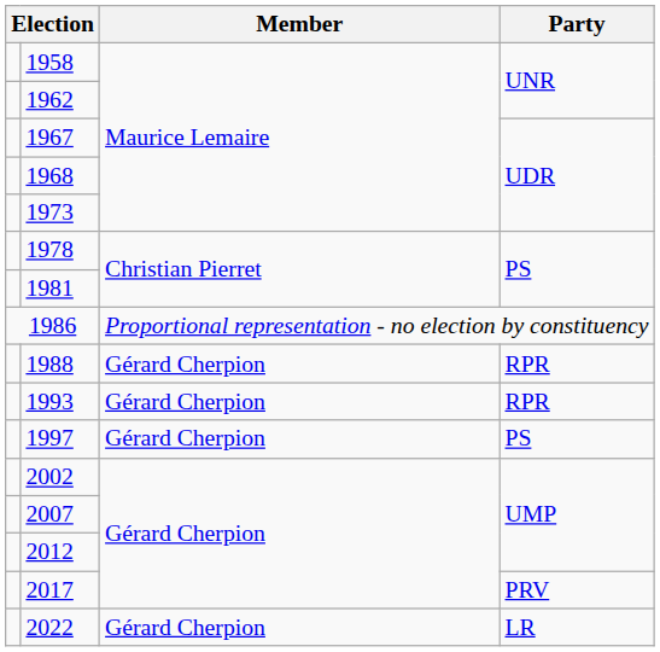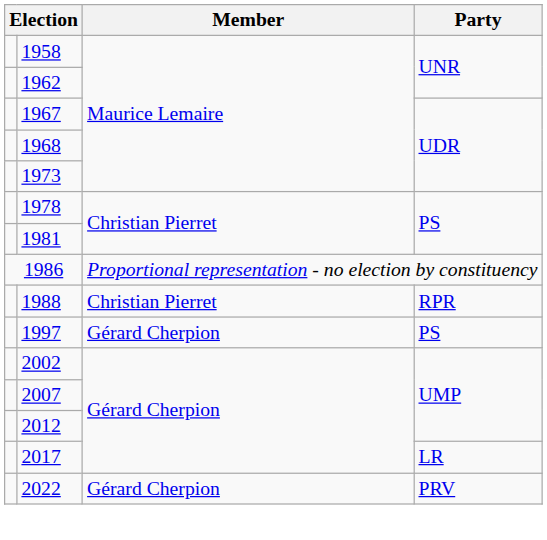 <table class="wikitable">
 <tr>
 <th colspan="2">Election</th>
 <th>Member</th>
 <th>Party</th>
 </tr>
 <tr>
 <td style="background-color: "></td>
 <td><a href='#'>1958</a></td>
 <td rowspan="5"><a href='#'>Maurice Lemaire</a></td>
 <td rowspan="2"><a href='#'>UNR</a></td>
 </tr>
 <tr>
 <td style="background-color: "></td>
 <td><a href='#'>1962</a></td>
 </tr>
 <tr>
 <td style="background-color: "></td>
 <td><a href='#'>1967</a></td>
 <td rowspan="3"><a href='#'>UDR</a></td>
 </tr>
 <tr>
 <td style="background-color: "></td>
 <td><a href='#'>1968</a></td>
 </tr>
 <tr>
 <td style="background-color: "></td>
 <td><a href='#'>1973</a></td>
 </tr>
 <tr>
 <td style="background-color: "></td>
 <td><a href='#'>1978</a></td>
 <td rowspan="2"><a href='#'>Christian Pierret</a></td>
 <td rowspan="2"><a href='#'>PS</a></td>
 </tr>
 <tr>
 <td style="background-color: "></td>
 <td><a href='#'>1981</a></td>
 </tr>
 <tr>
 <td colspan="2" align="center"><a href='#'>1986</a></td>
 <td colspan="2"><em><a href='#'>Proportional representation</a> - no election by constituency</em></td>
 </tr>
 <tr>
 <td style="background-color: "></td>
 <td><a href='#'>1988</a></td>
-<td><a href='#'>Gérard Cherpion</a></td>
-<td><a href='#'>RPR</a></td>
-</tr>
-<tr>
-<td style="background-color: "></td>
-<td><a href='#'>1993</a></td>
-<td><a href='#'>Gérard Cherpion</a></td>
+<td><a href='#'>Christian Pierret</a></td>
 <td><a href='#'>RPR</a></td>
 </tr>
 <tr>
 <td style="background-color: "></td>
 <td><a href='#'>1997</a></td>
 <td><a href='#'>Gérard Cherpion</a></td>
 <td><a href='#'>PS</a></td>
 </tr>
 <tr>
 <td style="background-color: "></td>
 <td><a href='#'>2002</a></td>
 <td rowspan="4"><a href='#'>Gérard Cherpion</a></td>
 <td rowspan="3"><a href='#'>UMP</a></td>
 </tr>
 <tr>
 <td style="background-color: "></td>
 <td><a href='#'>2007</a></td>
 </tr>
 <tr>
 <td style="background-color: "></td>
 <td><a href='#'>2012</a></td>
 </tr>
 <tr>
 <td style="background-color: "></td>
 <td><a href='#'>2017</a></td>
-<td><a href='#'>PRV</a></td>
+<td><a href='#'>LR</a></td>
 </tr>
 <tr>
 <td style="background-color: "></td>
 <td><a href='#'>2022</a></td>
 <td><a href='#'>Gérard Cherpion</a></td>
-<td><a href='#'>LR</a></td>
+<td><a href='#'>PRV</a></td>
 </tr>
 </table>
